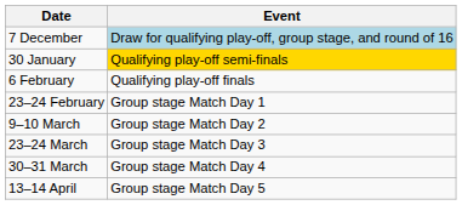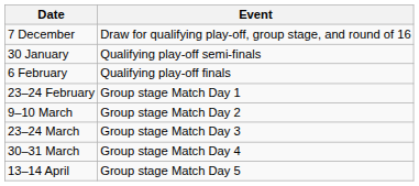 <table class="wikitable" style="float:left; margin-right:1em">
 <tr>
 <th>Date</th>
 <th>Event</th>
 </tr>
 <tr>
 <td>7 December</td>
-<td style="background: lightblue;">Draw for qualifying play-off, group stage, and round of 16</td>
+<td>Draw for qualifying play-off, group stage, and round of 16</td>
 </tr>
 <tr>
 <td>30 January</td>
-<td style="background: gold;">Qualifying play-off semi-finals</td>
+<td>Qualifying play-off semi-finals</td>
 </tr>
 <tr>
 <td>6 February</td>
 <td>Qualifying play-off finals</td>
 </tr>
 <tr>
 <td>23–24 February</td>
 <td>Group stage Match Day 1</td>
 </tr>
 <tr>
 <td>9–10 March</td>
 <td>Group stage Match Day 2</td>
 </tr>
 <tr>
 <td>23–24 March</td>
 <td>Group stage Match Day 3</td>
 </tr>
 <tr>
 <td>30–31 March</td>
 <td>Group stage Match Day 4</td>
 </tr>
 <tr>
 <td>13–14 April</td>
 <td>Group stage Match Day 5</td>
 </tr>
 </table>
